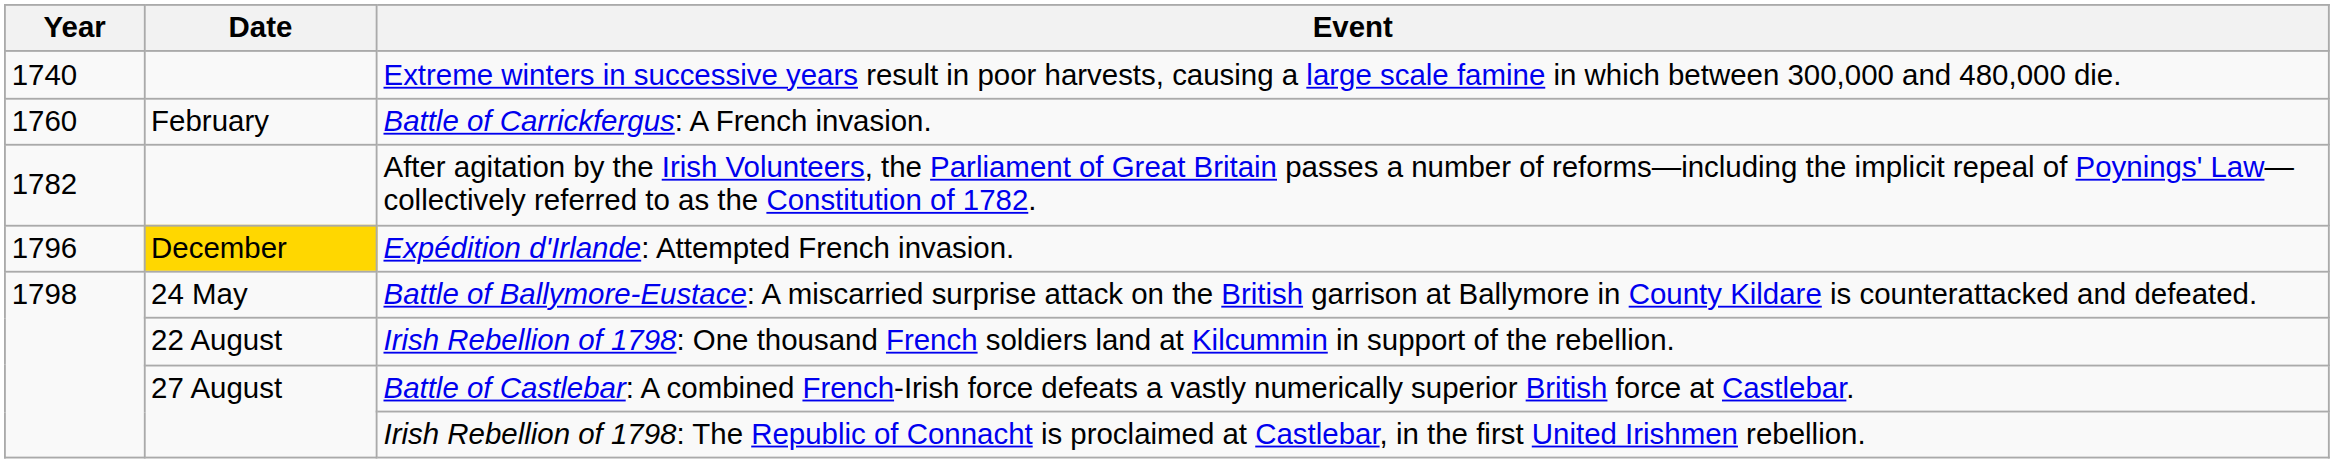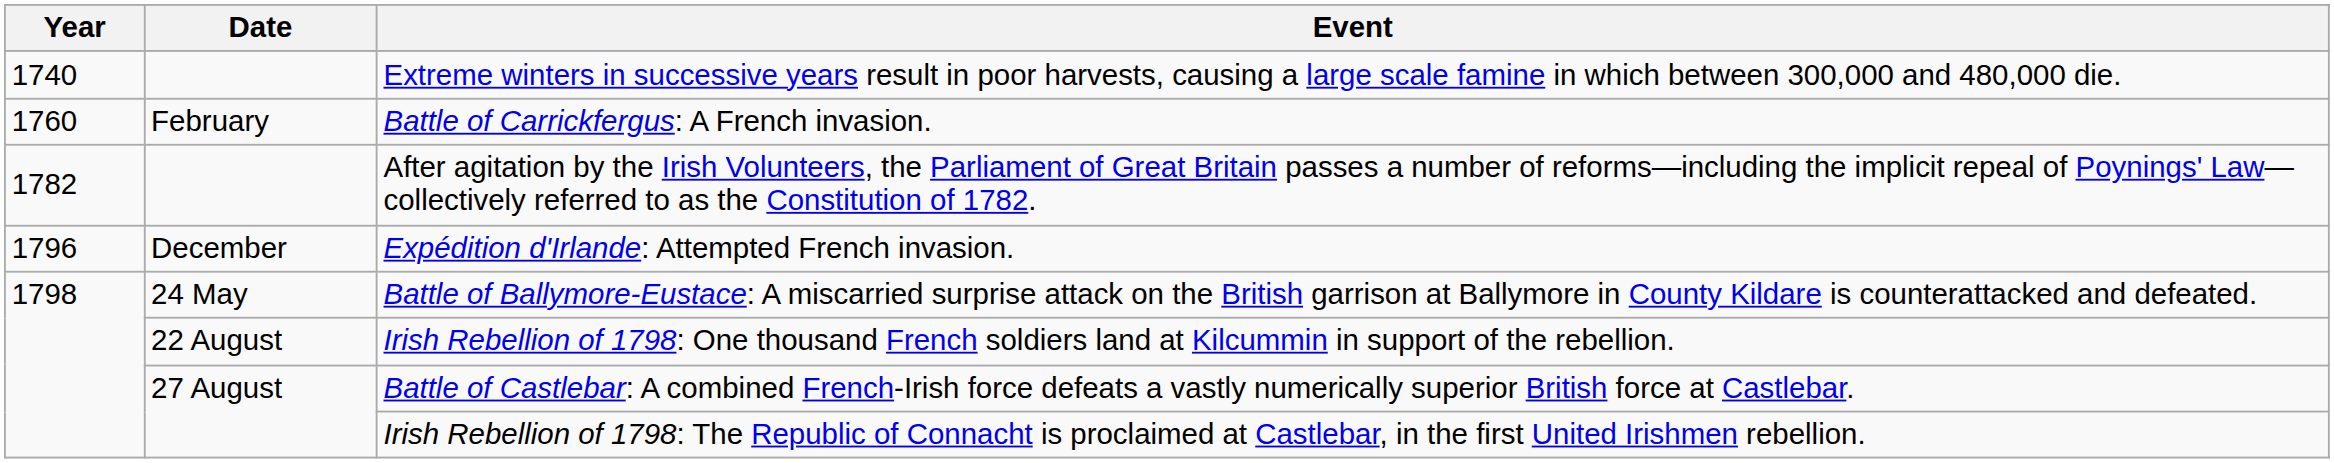 <table class="wikitable" width="100%">
 <tr>
 <th style="width:6%">Year</th>
 <th style="width:10%">Date</th>
 <th>Event</th>
 </tr>
 <tr>
 <td>1740</td>
 <td></td>
 <td><a href='#'>Extreme winters in successive years</a> result in poor harvests, causing a <a href='#'>large scale famine</a> in which between 300,000 and 480,000 die.</td>
 </tr>
 <tr>
 <td>1760</td>
 <td>February</td>
 <td><em><a href='#'>Battle of Carrickfergus</a></em>: A French invasion.</td>
 </tr>
 <tr>
 <td>1782</td>
 <td></td>
 <td>After agitation by the <a href='#'>Irish Volunteers</a>, the <a href='#'>Parliament of Great Britain</a> passes a number of reforms—including the implicit repeal of <a href='#'>Poynings' Law</a>—collectively referred to as the <a href='#'>Constitution of 1782</a>.</td>
 </tr>
 <tr>
 <td>1796</td>
-<td style="background: gold;">December</td>
+<td>December</td>
 <td><em><a href='#'>Expédition d'Irlande</a></em>: Attempted French invasion.</td>
 </tr>
 <tr>
 <td rowspan="4" valign="top">1798</td>
 <td>24 May</td>
 <td><em><a href='#'>Battle of Ballymore-Eustace</a></em>: A miscarried surprise attack on the <a href='#'>British</a> garrison at Ballymore in <a href='#'>County Kildare</a> is counterattacked and defeated.</td>
 </tr>
 <tr>
 <td>22 August</td>
 <td><em><a href='#'>Irish Rebellion of 1798</a></em>: One thousand <a href='#'>French</a> soldiers land at <a href='#'>Kilcummin</a> in support of the rebellion.</td>
 </tr>
 <tr>
 <td rowspan="2" valign="top">27 August</td>
 <td><em><a href='#'>Battle of Castlebar</a></em>: A combined <a href='#'>French</a>-Irish force defeats a vastly numerically superior <a href='#'>British</a> force at <a href='#'>Castlebar</a>.</td>
 </tr>
 <tr>
 <td><em>Irish Rebellion of 1798</em>: The <a href='#'>Republic of Connacht</a> is proclaimed at <a href='#'>Castlebar</a>, in the first <a href='#'>United Irishmen</a> rebellion.</td>
 </tr>
 </table>
